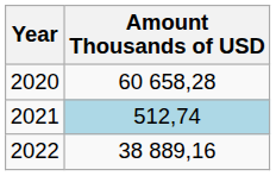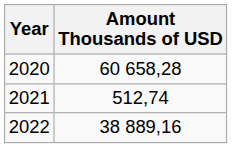 <table class="wikitable" style="text-align:center;">
 <tr>
 <th>Year</th>
 <th>Amount<br>Thousands of USD</th>
 </tr>
 <tr>
 <td>2020</td>
 <td>60 658,28</td>
 </tr>
 <tr>
 <td>2021</td>
-<td style="background: lightblue;">512,74 </td>
+<td>512,74 </td>
 </tr>
 <tr>
 <td>2022</td>
 <td>38 889,16 </td>
 </tr>
 </table>
